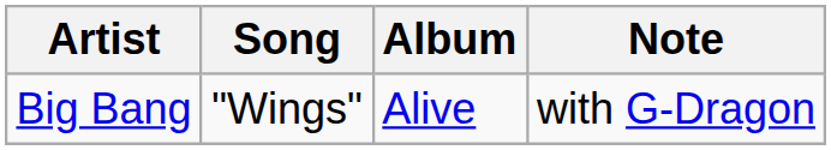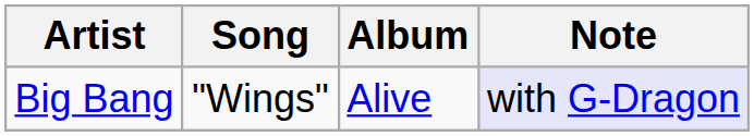 <table class="wikitable sortable">
 <tr>
 <th>Artist</th>
 <th>Song</th>
 <th>Album</th>
 <th>Note</th>
 </tr>
 <tr>
 <td><a href='#'>Big Bang</a></td>
 <td>"Wings"</td>
 <td><a href='#'>Alive</a></td>
-<td>with <a href='#'>G-Dragon</a></td>
+<td style="background: lavender;">with <a href='#'>G-Dragon</a></td>
 </tr>
 <tr>
 </tr>
 </table>
